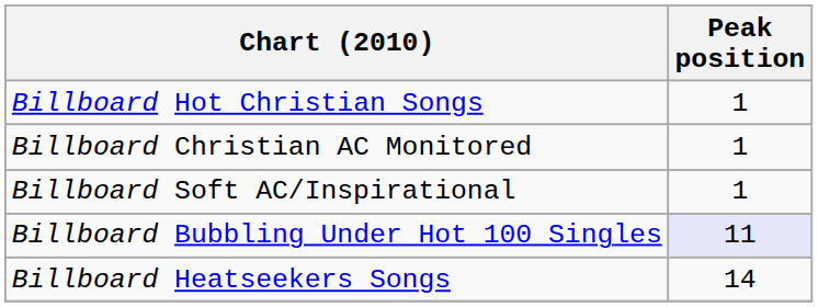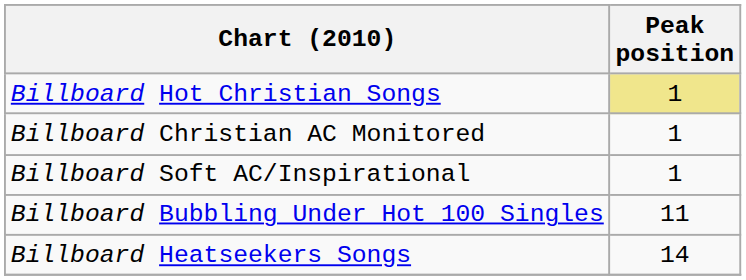 <table class="wikitable sortable">
 <tr>
 <th>Chart (2010)</th>
 <th>Peak<br>position</th>
 </tr>
 <tr>
 <td><em><a href='#'>Billboard</a></em> <a href='#'>Hot Christian Songs</a></td>
-<td align="center">1</td>
+<td align="center" style="background: khaki;">1</td>
 </tr>
 <tr>
 <td><em>Billboard</em> Christian AC Monitored</td>
 <td align="center">1</td>
 </tr>
 <tr>
 <td><em>Billboard</em> Soft AC/Inspirational</td>
 <td align="center">1</td>
 </tr>
 <tr>
 <td><em>Billboard</em> <a href='#'>Bubbling Under Hot 100 Singles</a></td>
-<td align="center" style="background: lavender;">11</td>
+<td align="center">11</td>
 </tr>
 <tr>
 <td><em>Billboard</em> <a href='#'>Heatseekers Songs</a></td>
 <td align="center">14</td>
 </tr>
 <tr>
 </tr>
 </table>
